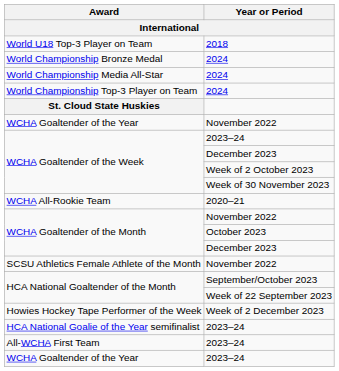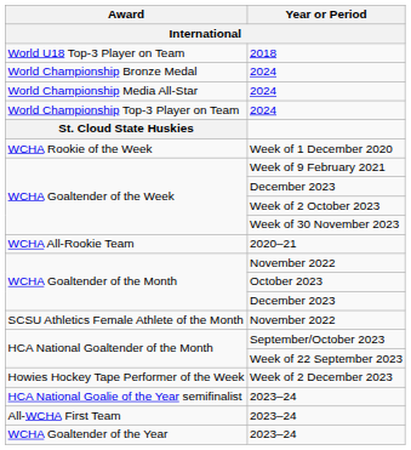 <table class="wikitable">
 <tr>
 <th scope="col">Award</th>
 <th scope="col">Year or Period</th>
 </tr>
 <tr>
 <th colspan="2">International</th>
 </tr>
 <tr>
 <td><a href='#'>World U18</a> Top-3 Player on Team</td>
 <td><a href='#'>2018</a></td>
 </tr>
 <tr>
 <td><a href='#'>World Championship</a> Bronze Medal</td>
 <td><a href='#'>2024</a></td>
 </tr>
 <tr>
 <td><a href='#'>World Championship</a> Media All-Star</td>
 <td><a href='#'>2024</a></td>
 </tr>
 <tr>
 <td><a href='#'>World Championship</a> Top-3 Player on Team</td>
 <td><a href='#'>2024</a></td>
 </tr>
 <tr>
 <th>St. Cloud State Huskies</th>
 </tr>
 <tr>
-<td><a href='#'>WCHA</a> Goaltender of the Year</td>
-<td>November 2022</td>
+<td><a href='#'>WCHA</a> Rookie of the Week</td>
+<td>Week of 1 December 2020</td>
 </tr>
 <tr>
 <td rowspan="4"><a href='#'>WCHA</a> Goaltender of the Week</td>
-<td>2023–24</td>
+<td>Week of 9 February 2021</td>
 </tr>
 <tr>
 <td>December 2023</td>
 </tr>
 <tr>
 <td>Week of 2 October 2023</td>
 </tr>
 <tr>
 <td>Week of 30 November 2023</td>
 </tr>
 <tr>
 <td><a href='#'>WCHA</a> All-Rookie Team</td>
 <td>2020–21</td>
 </tr>
 <tr>
 <td rowspan=3><a href='#'>WCHA</a> Goaltender of the Month</td>
 <td>November 2022</td>
 </tr>
 <tr>
 <td>October 2023</td>
 </tr>
 <tr>
 <td>December 2023</td>
 </tr>
 <tr>
 <td>SCSU Athletics Female Athlete of the Month</td>
 <td>November 2022</td>
 </tr>
 <tr>
 <td rowspan=2>HCA National Goaltender of the Month</td>
 <td>September/October 2023</td>
 </tr>
 <tr>
 <td>Week of 22 September 2023</td>
 </tr>
 <tr>
 <td>Howies Hockey Tape Performer of the Week</td>
 <td>Week of 2 December 2023</td>
 </tr>
 <tr>
 <td><a href='#'>HCA National Goalie of the Year</a> semifinalist</td>
 <td>2023–24</td>
 </tr>
 <tr>
 <td>All-<a href='#'>WCHA</a> First Team</td>
 <td>2023–24</td>
 </tr>
 <tr>
 <td><a href='#'>WCHA</a> Goaltender of the Year</td>
 <td>2023–24</td>
 </tr>
 </table>
